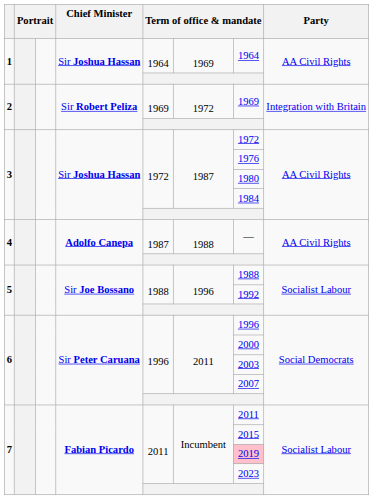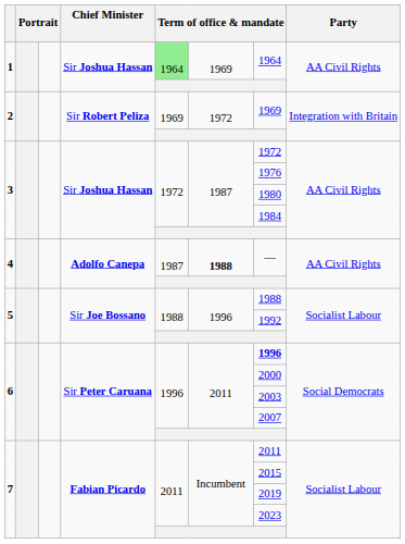 <table class="wikitable" style="line-height:1.4em; text-align:center">
 <tr>
 <th></th>
 <th colspan=2 scope="col">Portrait</th>
 <th colspan=1 scope="col">Chief Minister<br><br></th>
 <th colspan=3 scope="col">Term of office & mandate<br></th>
 <th scope="col">Party</th>
 </tr>
 <tr>
 <td rowspan=2><strong>1</strong></td>
 <th rowspan=2 style="background:"></th>
 <td rowspan=2></td>
 <td rowspan=2><a href='#'>Sir <strong>Joshua Hassan</strong></a><br></td>
-<td><br>1964</td>
+<td style="background: lightgreen;"><br>1964</td>
 <td><br>1969</td>
 <td><a href='#'>1964</a></td>
 <td rowspan=2><a href='#'>AA Civil Rights</a></td>
 </tr>
 <tr>
 <th colspan=3 style="font-size:90%; height:10px; font-weight:normal"></th>
 </tr>
 <tr>
 <td rowspan=2><strong>2</strong></td>
 <th rowspan=2 style="background:"></th>
 <td rowspan=2></td>
 <td rowspan=2><a href='#'>Sir <strong>Robert Peliza</strong></a><br></td>
 <td><br>1969</td>
 <td><br>1972</td>
 <td><a href='#'>1969</a></td>
 <td rowspan=2><a href='#'>Integration with Britain</a></td>
 </tr>
 <tr>
 <th colspan=3 style="font-size:90%; height:10px; font-weight:normal"></th>
 </tr>
 <tr>
 <td rowspan=5><strong>3</strong><br></td>
 <th rowspan=5 style="background:"></th>
 <td rowspan=5></td>
 <td rowspan=5><a href='#'>Sir <strong>Joshua Hassan</strong></a><br></td>
 <td rowspan=4><br>1972</td>
 <td rowspan=4><br>1987</td>
 <td><a href='#'>1972</a></td>
 <td rowspan=5><a href='#'>AA Civil Rights</a></td>
 </tr>
 <tr>
 <td><a href='#'>1976</a></td>
 </tr>
 <tr>
 <td><a href='#'>1980</a></td>
 </tr>
 <tr>
 <td><a href='#'>1984</a></td>
 </tr>
 <tr>
 <th colspan=3 style="font-size:90%; height:10px; font-weight:normal"></th>
 </tr>
 <tr>
 <td rowspan=2><strong>4</strong></td>
 <th rowspan=2 style="background:"></th>
 <td rowspan=2></td>
 <td rowspan=2><strong><a href='#'>Adolfo Canepa</a></strong><br></td>
 <td><br>1987</td>
-<td><br>1988</td>
+<td><strong><br>1988</strong></td>
 <td>—</td>
 <td rowspan=2><a href='#'>AA Civil Rights</a></td>
 </tr>
 <tr>
 <th colspan=3 style="font-size:90%; height:10px; font-weight:normal"></th>
 </tr>
 <tr>
 <td rowspan=3><strong>5</strong></td>
 <th rowspan=3 style="background:"></th>
 <td rowspan=3></td>
 <td rowspan=3><a href='#'>Sir <strong>Joe Bossano</strong></a><br></td>
 <td rowspan=2><br>1988</td>
 <td rowspan=2><br>1996</td>
 <td><a href='#'>1988</a></td>
 <td rowspan=3><a href='#'>Socialist Labour</a></td>
 </tr>
 <tr>
 <td><a href='#'>1992</a></td>
 </tr>
 <tr>
 <th colspan=3 style="font-size:90%; height:10px; font-weight:normal"></th>
 </tr>
 <tr>
 <td rowspan=5><strong>6</strong></td>
 <th rowspan=5 style="background:"></th>
 <td rowspan=5></td>
 <td rowspan=5><a href='#'>Sir <strong>Peter Caruana</strong></a><br></td>
 <td rowspan=4><br>1996</td>
 <td rowspan=4><br>2011</td>
-<td><a href='#'>1996</a></td>
+<td><strong><a href='#'>1996</a></strong></td>
 <td rowspan=5><a href='#'>Social Democrats</a></td>
 </tr>
 <tr>
 <td><a href='#'>2000</a></td>
 </tr>
 <tr>
 <td><a href='#'>2003</a></td>
 </tr>
 <tr>
 <td><a href='#'>2007</a></td>
 </tr>
 <tr>
 <th colspan=3 style="font-size:90%; height:10px; font-weight:normal"></th>
 </tr>
 <tr>
 <td rowspan=5><strong>7</strong></td>
 <th rowspan=5 style="background:"></th>
 <td rowspan=5></td>
 <td rowspan=5><strong><a href='#'>Fabian Picardo</a></strong><br></td>
 <td rowspan=4><br>2011</td>
 <td rowspan=4>Incumbent</td>
 <td><a href='#'>2011</a></td>
 <td rowspan=5><a href='#'>Socialist Labour</a></td>
 </tr>
 <tr>
 <td><a href='#'>2015</a></td>
 </tr>
 <tr>
-<td style="background: pink;"><a href='#'>2019</a></td>
+<td><a href='#'>2019</a></td>
 </tr>
 <tr>
 <td><a href='#'>2023</a></td>
 </tr>
 <tr>
 <th colspan=3 style="font-size:90%; height:10px; font-weight:normal"></th>
 </tr>
 </table>
